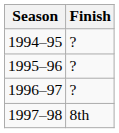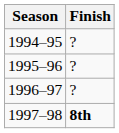 <table class="wikitable">
 <tr>
 <th>Season</th>
 <th>Finish</th>
 </tr>
 <tr>
 <td>1994–95</td>
 <td>?</td>
 </tr>
 <tr>
 <td>1995–96</td>
 <td>?</td>
 </tr>
 <tr>
 <td>1996–97</td>
 <td>?</td>
 </tr>
 <tr>
 <td>1997–98</td>
-<td>8th</td>
+<td><strong>8th</strong></td>
 </tr>
 </table>
